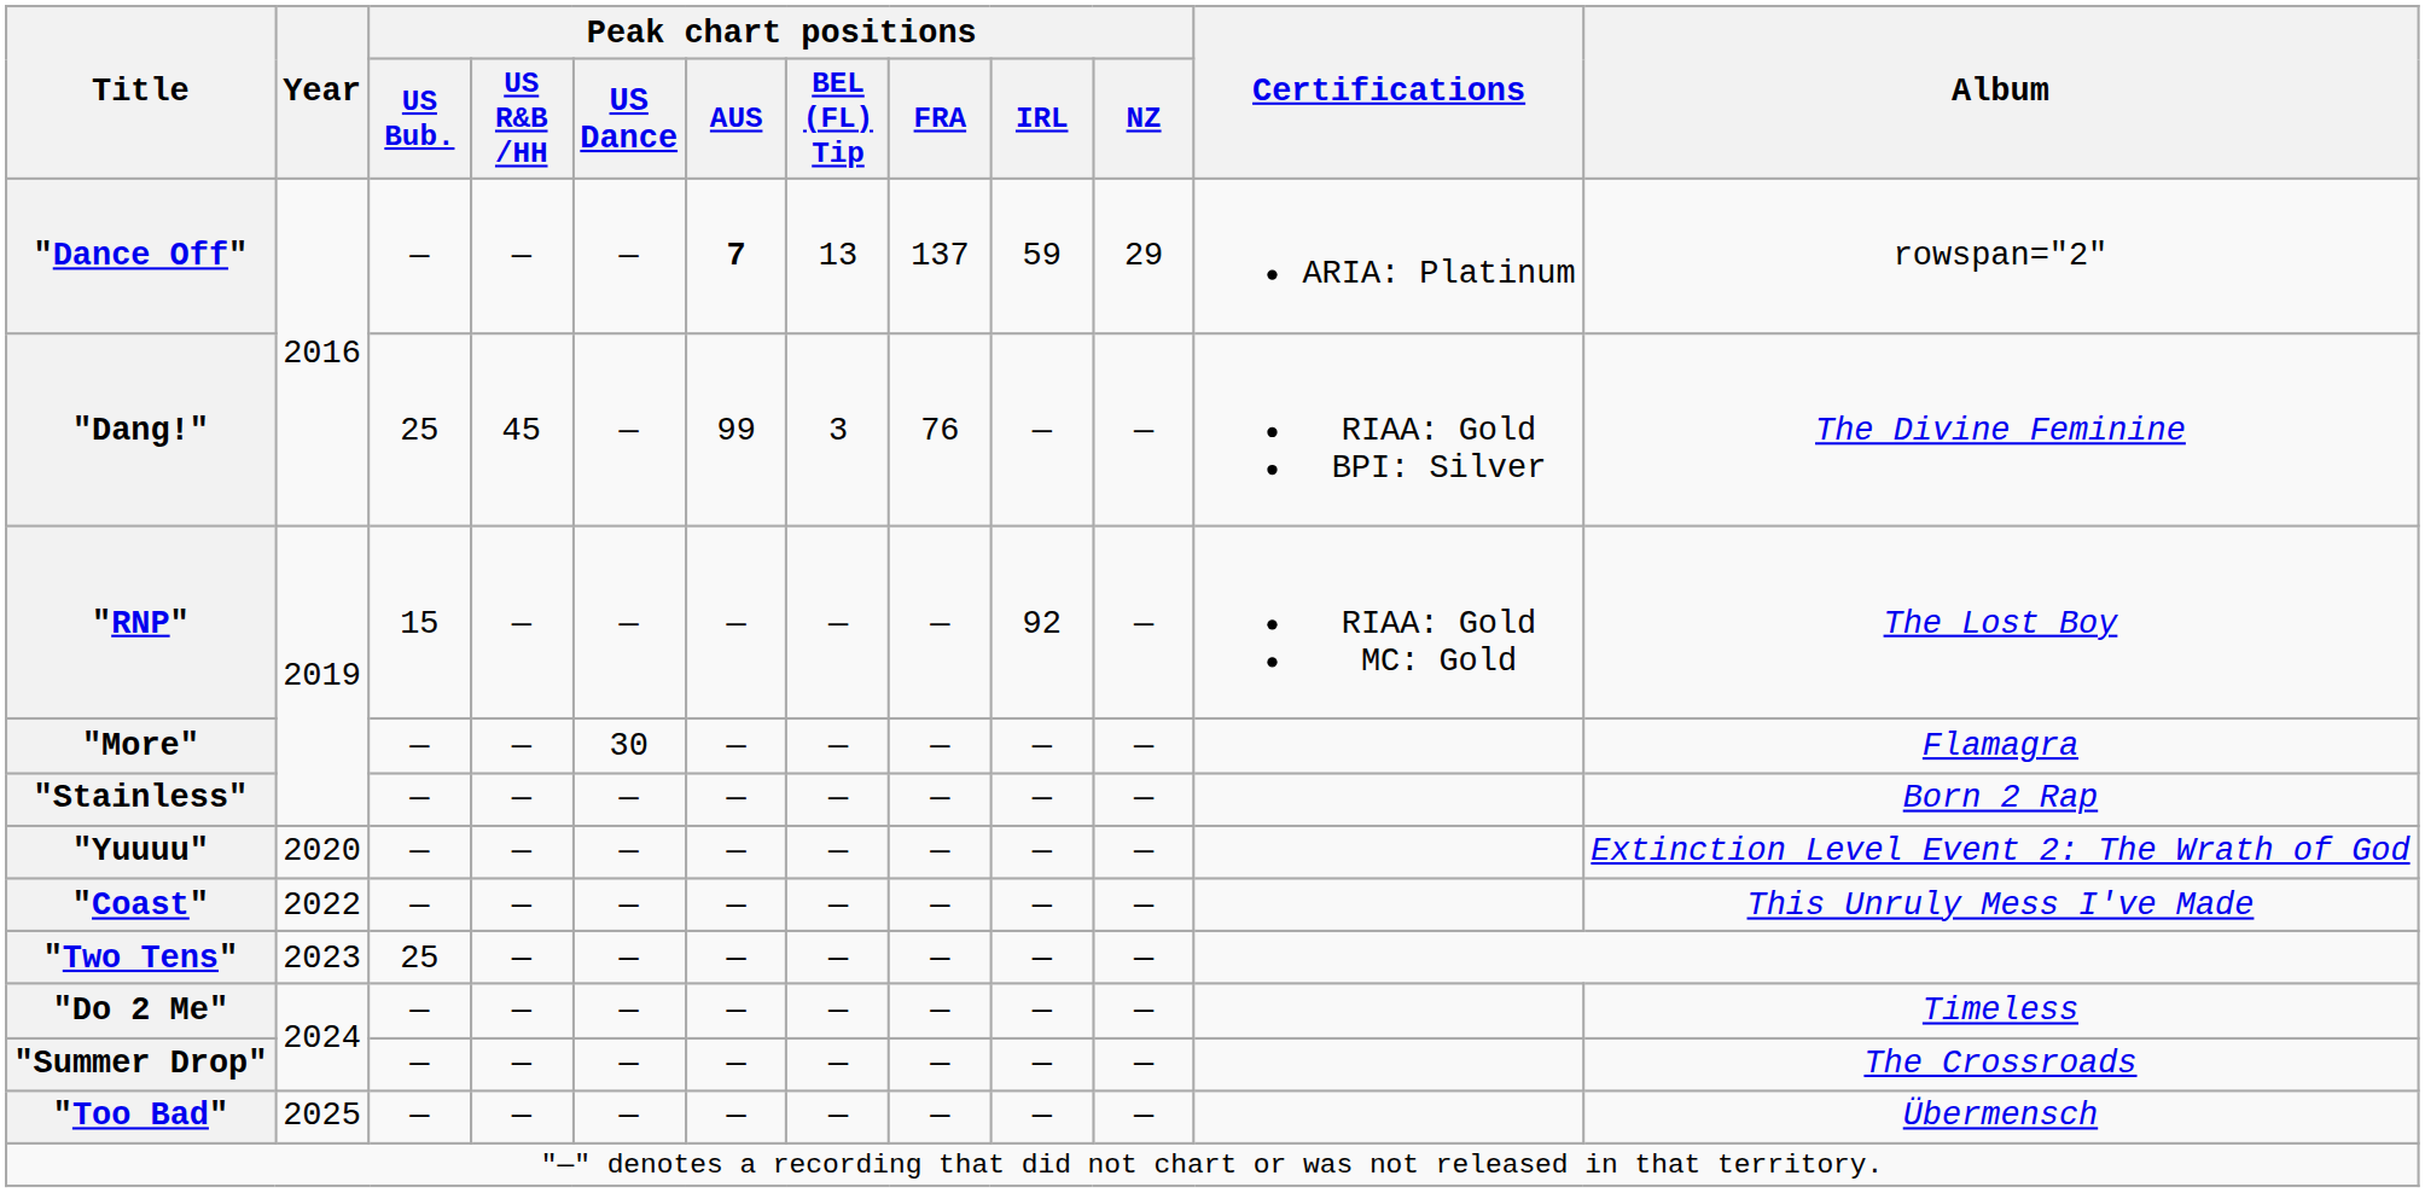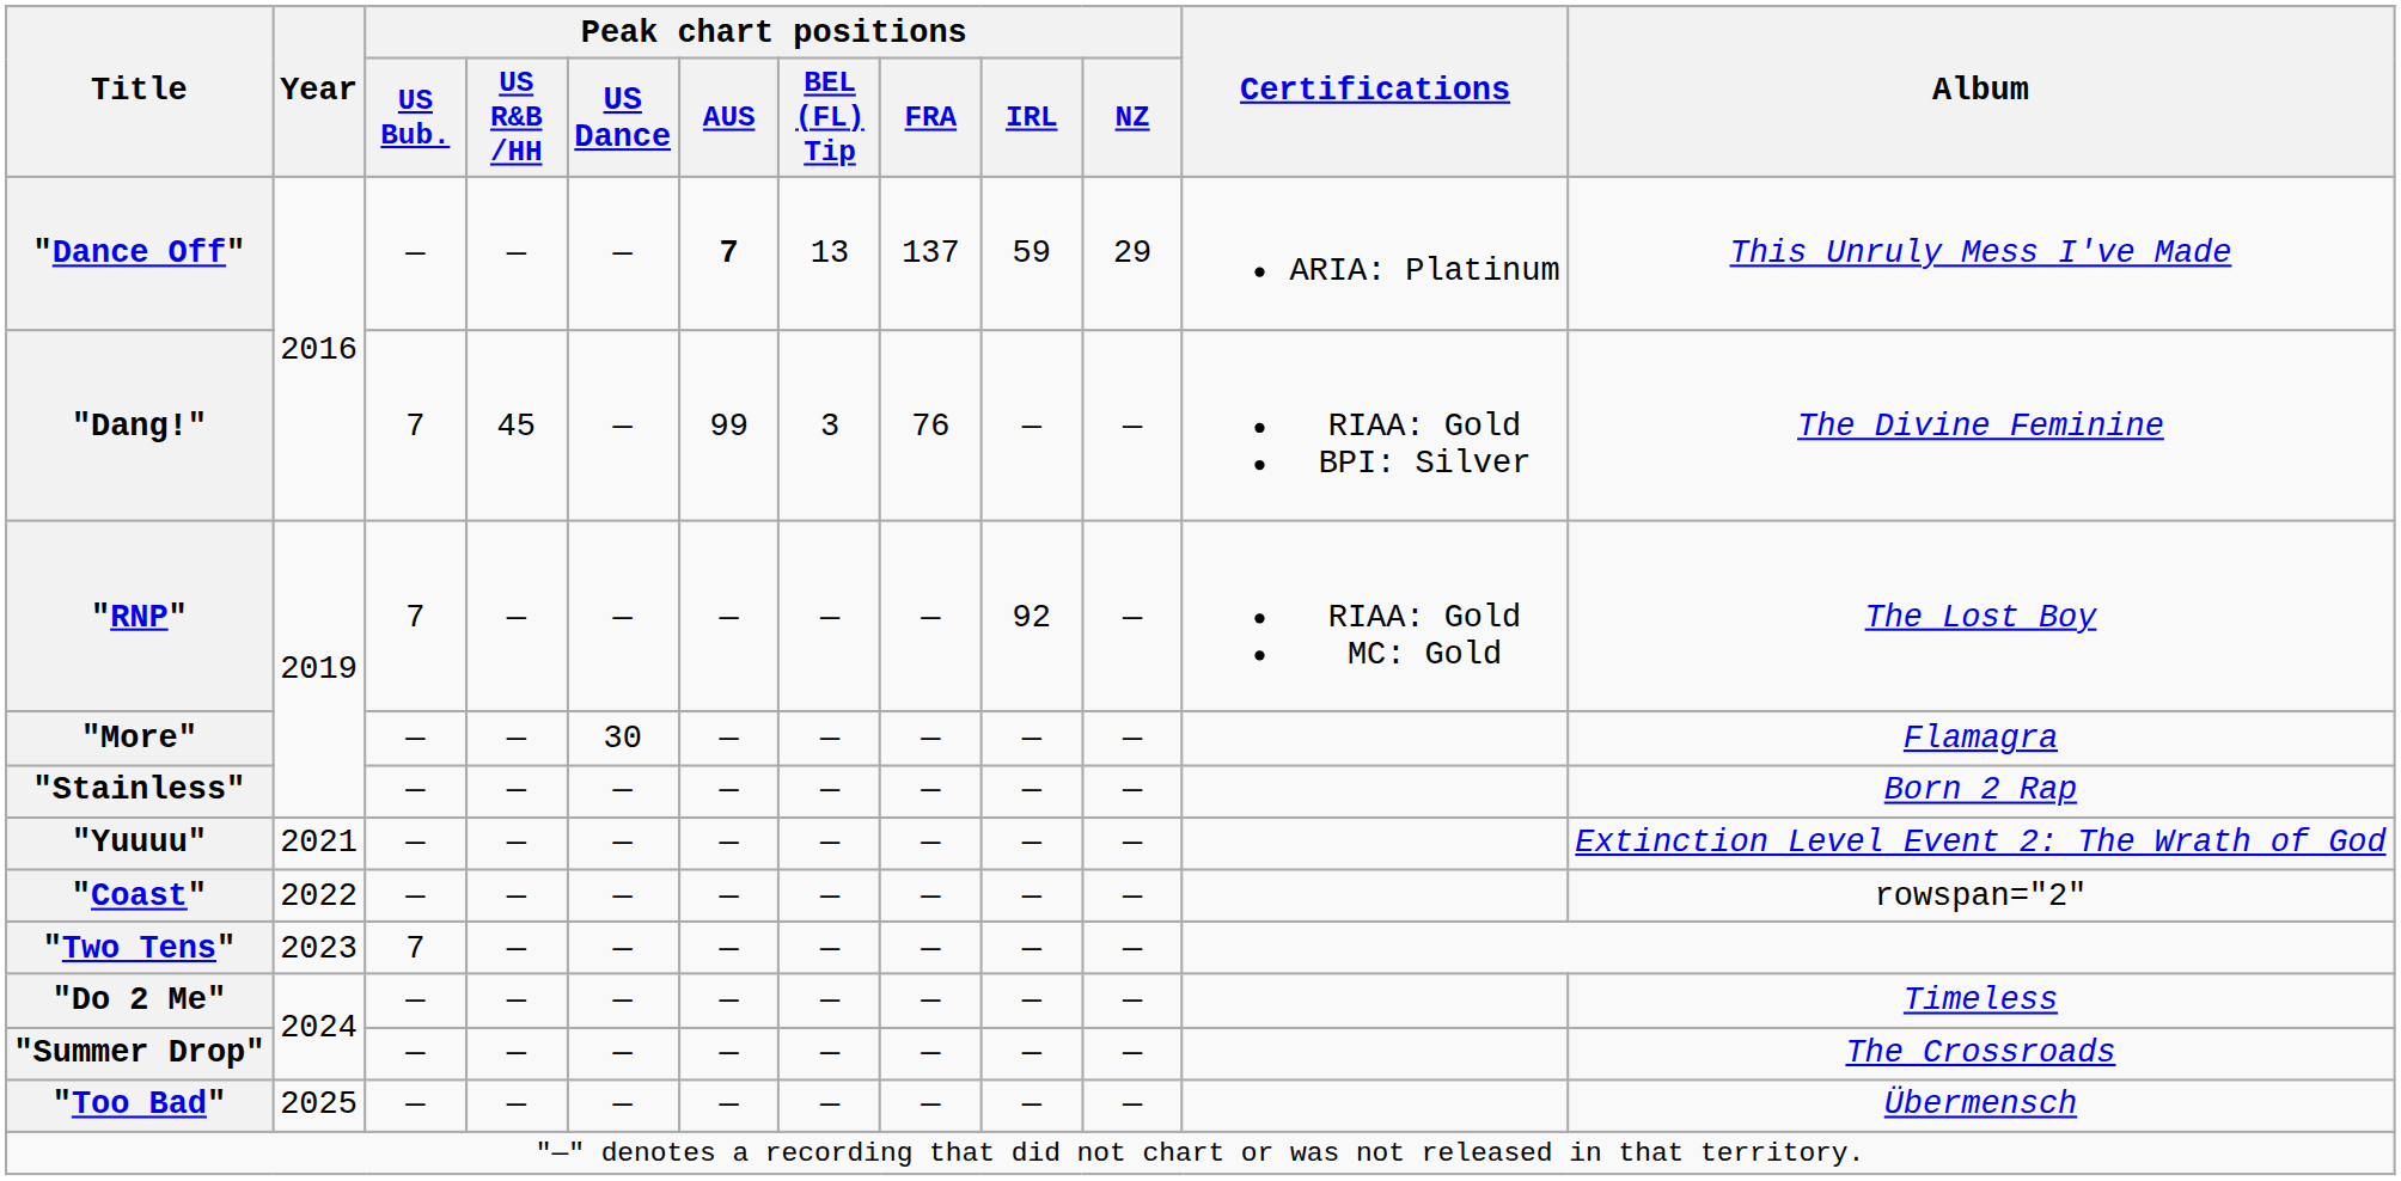 <table class="wikitable plainrowheaders" style="text-align:center;">
 <tr>
 <th scope="col" rowspan="2">Title</th>
 <th scope="col" rowspan="2">Year</th>
 <th scope="col" colspan="8">Peak chart positions</th>
 <th scope="col" rowspan="2"><a href='#'>Certifications</a></th>
 <th scope="col" rowspan="2">Album</th>
 </tr>
 <tr>
 <th scope="col" style="width:3em;font-size:90%;"><a href='#'>US<br>Bub.</a><br></th>
 <th scope="col" style="width:3em;font-size:90%;"><a href='#'>US<br>R&B<br>/HH</a><br></th>
 <th style="width:2.5em;"><a href='#'>US Dance</a><br></th>
 <th scope="col" style="width:3em;font-size:90%;"><a href='#'>AUS</a><br></th>
 <th scope="col" style="width:3em;font-size:90%;"><a href='#'>BEL<br>(FL)<br>Tip</a><br></th>
 <th scope="col" style="width:3em;font-size:90%;"><a href='#'>FRA</a><br></th>
 <th scope="col" style="width:3em;font-size:90%;"><a href='#'>IRL</a><br></th>
 <th scope="col" style="width:3em;font-size:90%;"><a href='#'>NZ</a><br></th>
 </tr>
 <tr>
 <th scope="row">"<a href='#'>Dance Off</a>"<br></th>
 <td rowspan="2">2016</td>
 <td>—</td>
 <td>—</td>
 <td>—</td>
 <td><strong>7</strong></td>
 <td>13</td>
 <td>137</td>
 <td>59</td>
 <td>29</td>
 <td><br><ul><li>ARIA: Platinum</li></ul></td>
-<td>rowspan="2" </td>
+<td><em><a href='#'>This Unruly Mess I've Made</a></em></td>
 </tr>
 <tr>
 <th scope="row">"Dang!"<br></th>
-<td>25</td>
+<td>7</td>
 <td>45</td>
 <td>—</td>
 <td>99</td>
 <td>3</td>
 <td>76</td>
 <td>—</td>
 <td>—</td>
 <td><br><ul><li>RIAA: Gold</li><li>BPI: Silver</li></ul></td>
 <td><em><a href='#'>The Divine Feminine</a></em></td>
 </tr>
 <tr>
 <th scope="row">"<a href='#'>RNP</a>"<br></th>
 <td rowspan="3">2019</td>
-<td>15</td>
+<td>7</td>
 <td>—</td>
 <td>—</td>
 <td>—</td>
 <td>—</td>
 <td>—</td>
 <td>92</td>
 <td>—</td>
 <td><br><ul><li>RIAA: Gold</li><li>MC: Gold</li></ul></td>
 <td><em><a href='#'>The Lost Boy</a></em></td>
 </tr>
 <tr>
 <th scope="row">"More"<br></th>
 <td>—</td>
 <td>—</td>
 <td>30</td>
 <td>—</td>
 <td>—</td>
 <td>—</td>
 <td>—</td>
 <td>—</td>
 <td></td>
 <td><em><a href='#'>Flamagra</a></em></td>
 </tr>
 <tr>
 <th scope="row">"Stainless"<br></th>
 <td>—</td>
 <td>—</td>
 <td>—</td>
 <td>—</td>
 <td>—</td>
 <td>—</td>
 <td>—</td>
 <td>—</td>
 <td></td>
 <td><em><a href='#'>Born 2 Rap</a></em></td>
 </tr>
 <tr>
 <th scope="row">"Yuuuu"<br></th>
-<td>2020</td>
+<td>2021</td>
 <td>—</td>
 <td>—</td>
 <td>—</td>
 <td>—</td>
 <td>—</td>
 <td>—</td>
 <td>—</td>
 <td>—</td>
 <td></td>
 <td><em><a href='#'>Extinction Level Event 2: The Wrath of God</a></em></td>
 </tr>
 <tr>
 <th scope="row">"<a href='#'>Coast</a>"<br></th>
 <td>2022</td>
 <td>—</td>
 <td>—</td>
 <td>—</td>
 <td>—</td>
 <td>—</td>
 <td>—</td>
 <td>—</td>
 <td>—</td>
 <td></td>
-<td><em><a href='#'>This Unruly Mess I've Made</a></em></td>
+<td>rowspan="2" </td>
 </tr>
 <tr>
 <th scope="row">"<a href='#'>Two Tens</a>"<br></th>
 <td>2023</td>
-<td>25</td>
+<td>7</td>
 <td>—</td>
 <td>—</td>
 <td>—</td>
 <td>—</td>
 <td>—</td>
 <td>—</td>
 <td>—</td>
 </tr>
 <tr>
 <th scope="row">"Do 2 Me"<br></th>
 <td rowspan="2">2024</td>
 <td>—</td>
 <td>—</td>
 <td>—</td>
 <td>—</td>
 <td>—</td>
 <td>—</td>
 <td>—</td>
 <td>—</td>
 <td></td>
 <td><em><a href='#'>Timeless</a></em></td>
 </tr>
 <tr>
 <th scope="row">"Summer Drop"<br></th>
 <td>—</td>
 <td>—</td>
 <td>—</td>
 <td>—</td>
 <td>—</td>
 <td>—</td>
 <td>—</td>
 <td>—</td>
 <td></td>
 <td><em><a href='#'>The Crossroads</a></em></td>
 </tr>
 <tr>
 <th scope="row">"<a href='#'>Too Bad</a>"<br></th>
 <td>2025</td>
 <td>—</td>
 <td>—</td>
 <td>—</td>
 <td>—</td>
 <td>—</td>
 <td>—</td>
 <td>—</td>
 <td>—</td>
 <td></td>
 <td><em><a href='#'>Übermensch</a></em></td>
 </tr>
 <tr>
 <td colspan="13" style="font-size:85%">"—" denotes a recording that did not chart or was not released in that territory.</td>
 </tr>
 </table>
